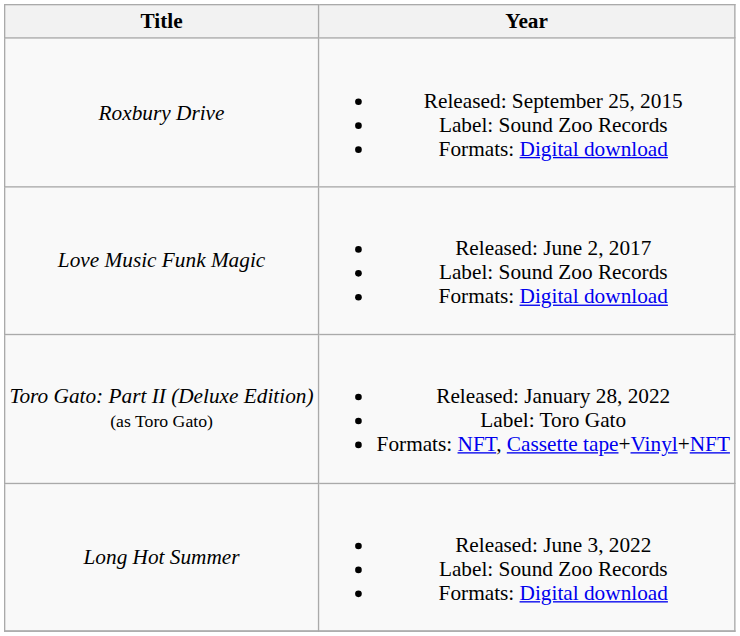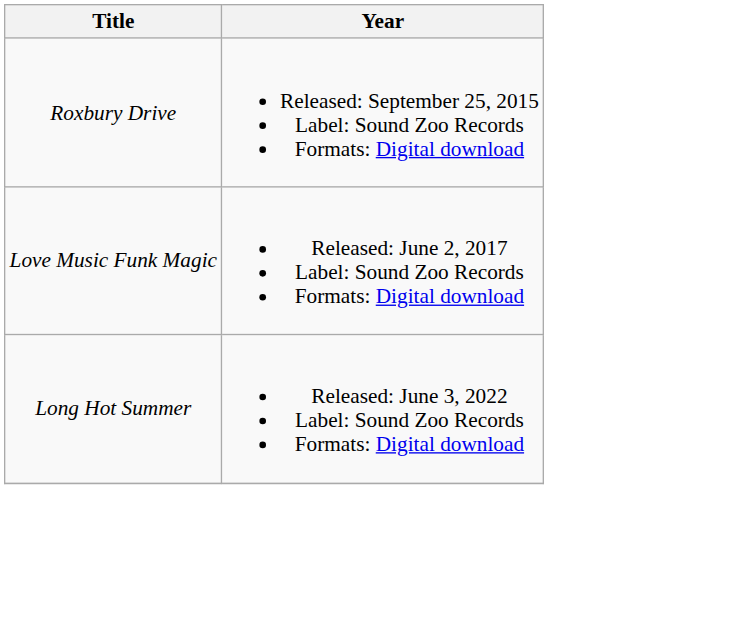 <table class="wikitable plainrowheaders" style="text-align:center;">
 <tr>
 <th scope="col">Title</th>
 <th scope="col">Year<br> </th>
 </tr>
 <tr>
 <td><em>Roxbury Drive</em></td>
 <td><br><ul><li>Released: September 25, 2015</li><li>Label: Sound Zoo Records</li><li>Formats: <a href='#'>Digital download</a></li></ul></td>
 </tr>
 <tr>
 <td><em>Love Music Funk Magic</em></td>
 <td><br><ul><li>Released: June 2, 2017</li><li>Label: Sound Zoo Records</li><li>Formats: <a href='#'>Digital download</a></li></ul></td>
 </tr>
 <tr>
-<td><em>Toro Gato: Part II (Deluxe Edition)</em>  <br><small>(as Toro Gato)</small></td>
-<td><br><ul><li>Released: January 28, 2022</li><li>Label: Toro Gato</li><li>Formats: <a href='#'>NFT</a>, <a href='#'>Cassette tape</a>+<a href='#'>Vinyl</a>+<a href='#'>NFT</a></li></ul></td>
-</tr>
-<tr>
 <td><em>Long Hot Summer</em> </td>
 <td><br><ul><li>Released: June 3, 2022</li><li>Label: Sound Zoo Records</li><li>Formats: <a href='#'>Digital download</a></li></ul></td>
 </tr>
 <tr>
 </tr>
 </table>
